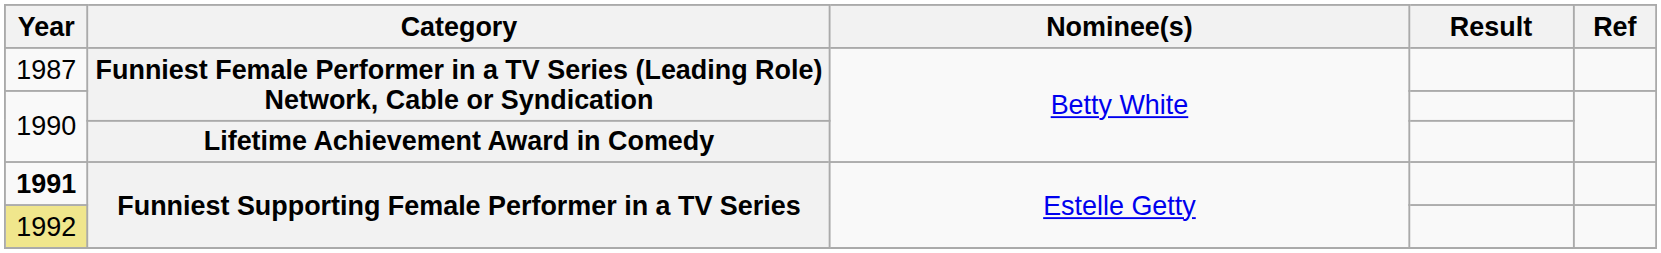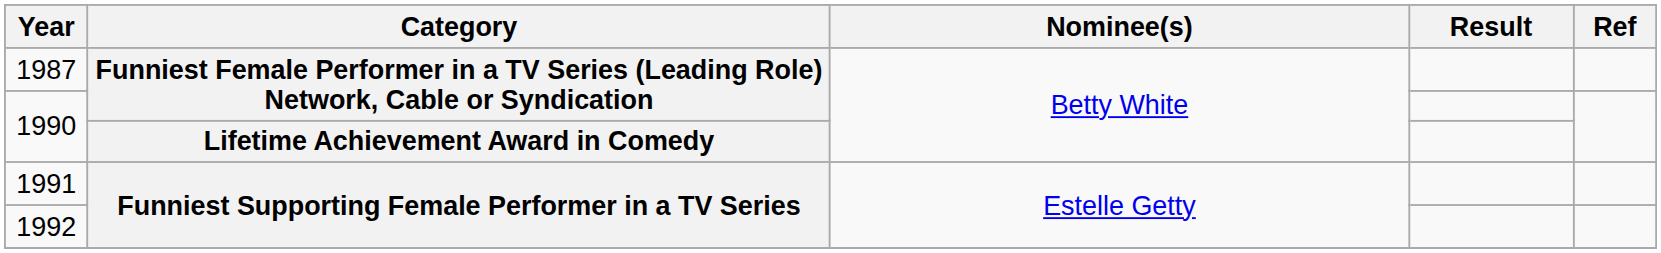 <table class="wikitable plainrowheaders" style="font-size: 90%; text-align:center" width=100%>
 <tr>
 <th scope="col" width="5%">Year</th>
 <th scope="col" width="45%">Category</th>
 <th scope="col" width="35%">Nominee(s)</th>
 <th scope="col" width="10%">Result</th>
 <th scope="col" width="5%">Ref</th>
 </tr>
 <tr>
 <td>1987</td>
 <th scope="row" style="text-align:center" rowspan="2">Funniest Female Performer in a TV Series (Leading Role) Network, Cable or Syndication</th>
 <td rowspan="3"><a href='#'>Betty White</a></td>
 <td></td>
 <td></td>
 </tr>
 <tr>
 <td rowspan="2">1990</td>
 <td></td>
 <td rowspan="2"></td>
 </tr>
 <tr>
 <th scope="row" style="text-align:center">Lifetime Achievement Award in Comedy</th>
 <td></td>
 </tr>
 <tr>
-<td><strong>1991</strong></td>
+<td>1991</td>
 <th scope="row" style="text-align:center" rowspan="2">Funniest Supporting Female Performer in a TV Series</th>
 <td rowspan="2"><a href='#'>Estelle Getty</a></td>
 <td></td>
 <td></td>
 </tr>
 <tr>
-<td style="background: khaki;">1992</td>
+<td>1992</td>
 <td></td>
 <td></td>
 </tr>
 <tr>
 </tr>
 </table>
